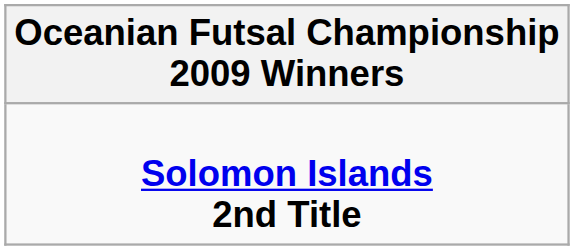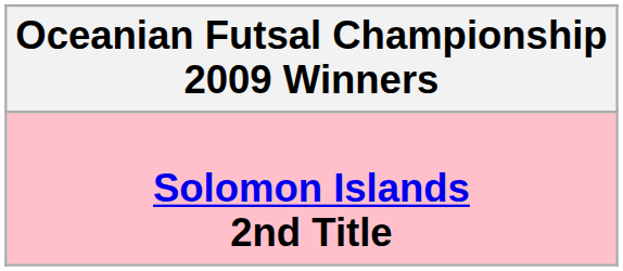 <table class="wikitable" style="text-align: center; margin: 0 auto;">
 <tr>
 <th>Oceanian Futsal Championship <br>2009 Winners</th>
 </tr>
 <tr>
-<td><br><strong><a href='#'>Solomon Islands</a></strong><br><strong>2nd Title</strong></td>
+<td style="background: pink;"><br><strong><a href='#'>Solomon Islands</a></strong><br><strong>2nd Title</strong></td>
 </tr>
 </table>
